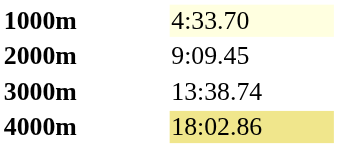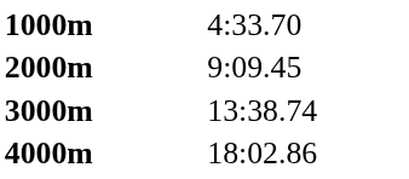 <table>
 <tr>
 <th width=100></th>
 <th width=100></th>
 <th width=300></th>
 </tr>
 <tr>
 <td><strong>1000m</strong></td>
-<td style="background: lightyellow;">4:33.70</td>
+<td>4:33.70</td>
 <td></td>
 </tr>
 <tr>
 <td><strong>2000m</strong></td>
 <td>9:09.45</td>
 <td></td>
 </tr>
 <tr>
 <td><strong>3000m</strong></td>
 <td>13:38.74</td>
 <td></td>
 </tr>
 <tr>
 <td><strong>4000m</strong></td>
-<td style="background: khaki;">18:02.86</td>
+<td>18:02.86</td>
 <td></td>
 </tr>
 </table>
